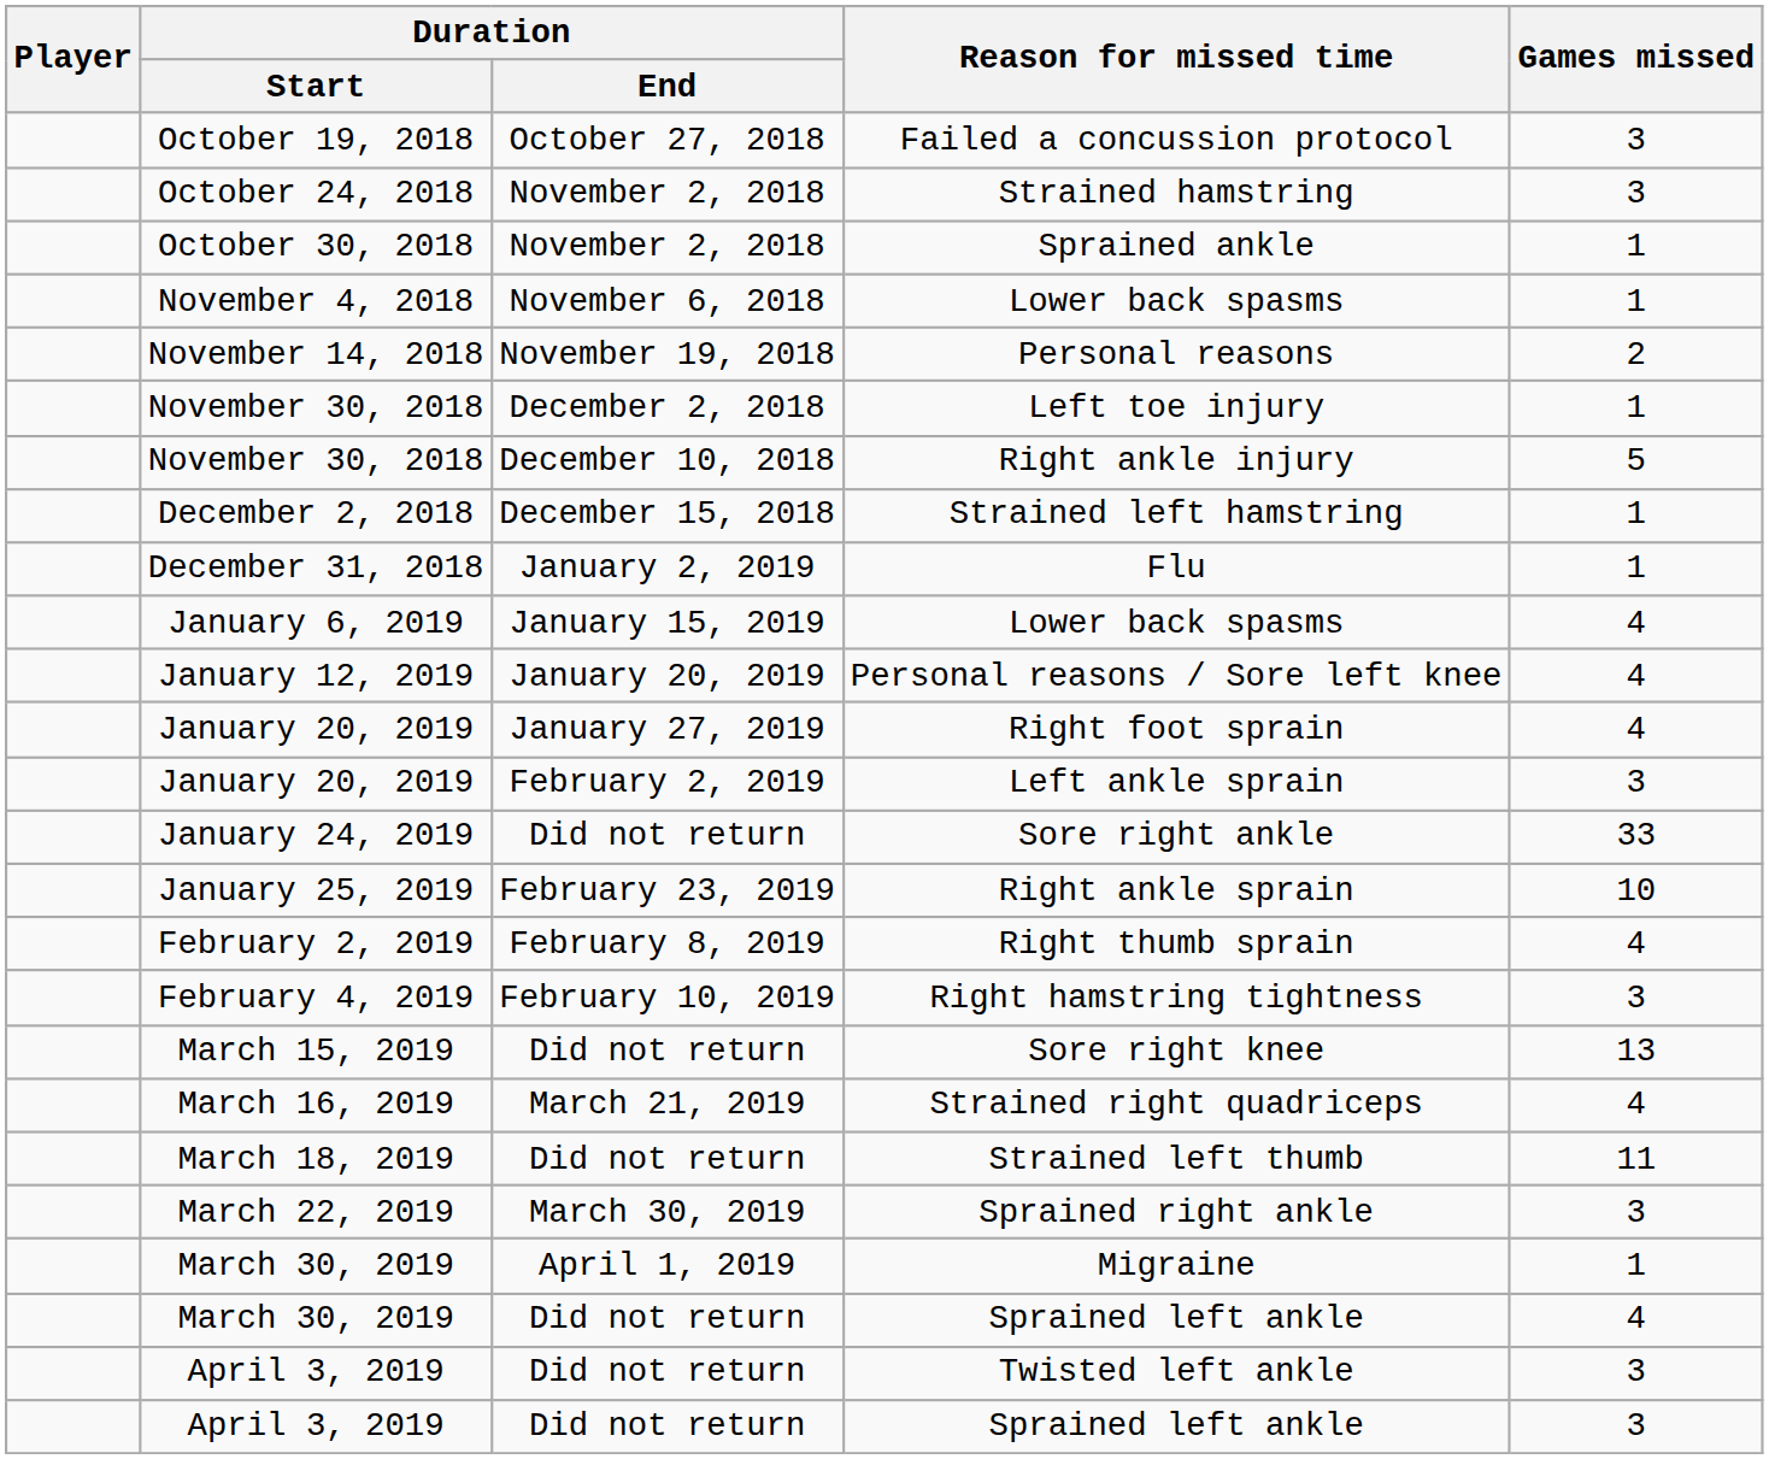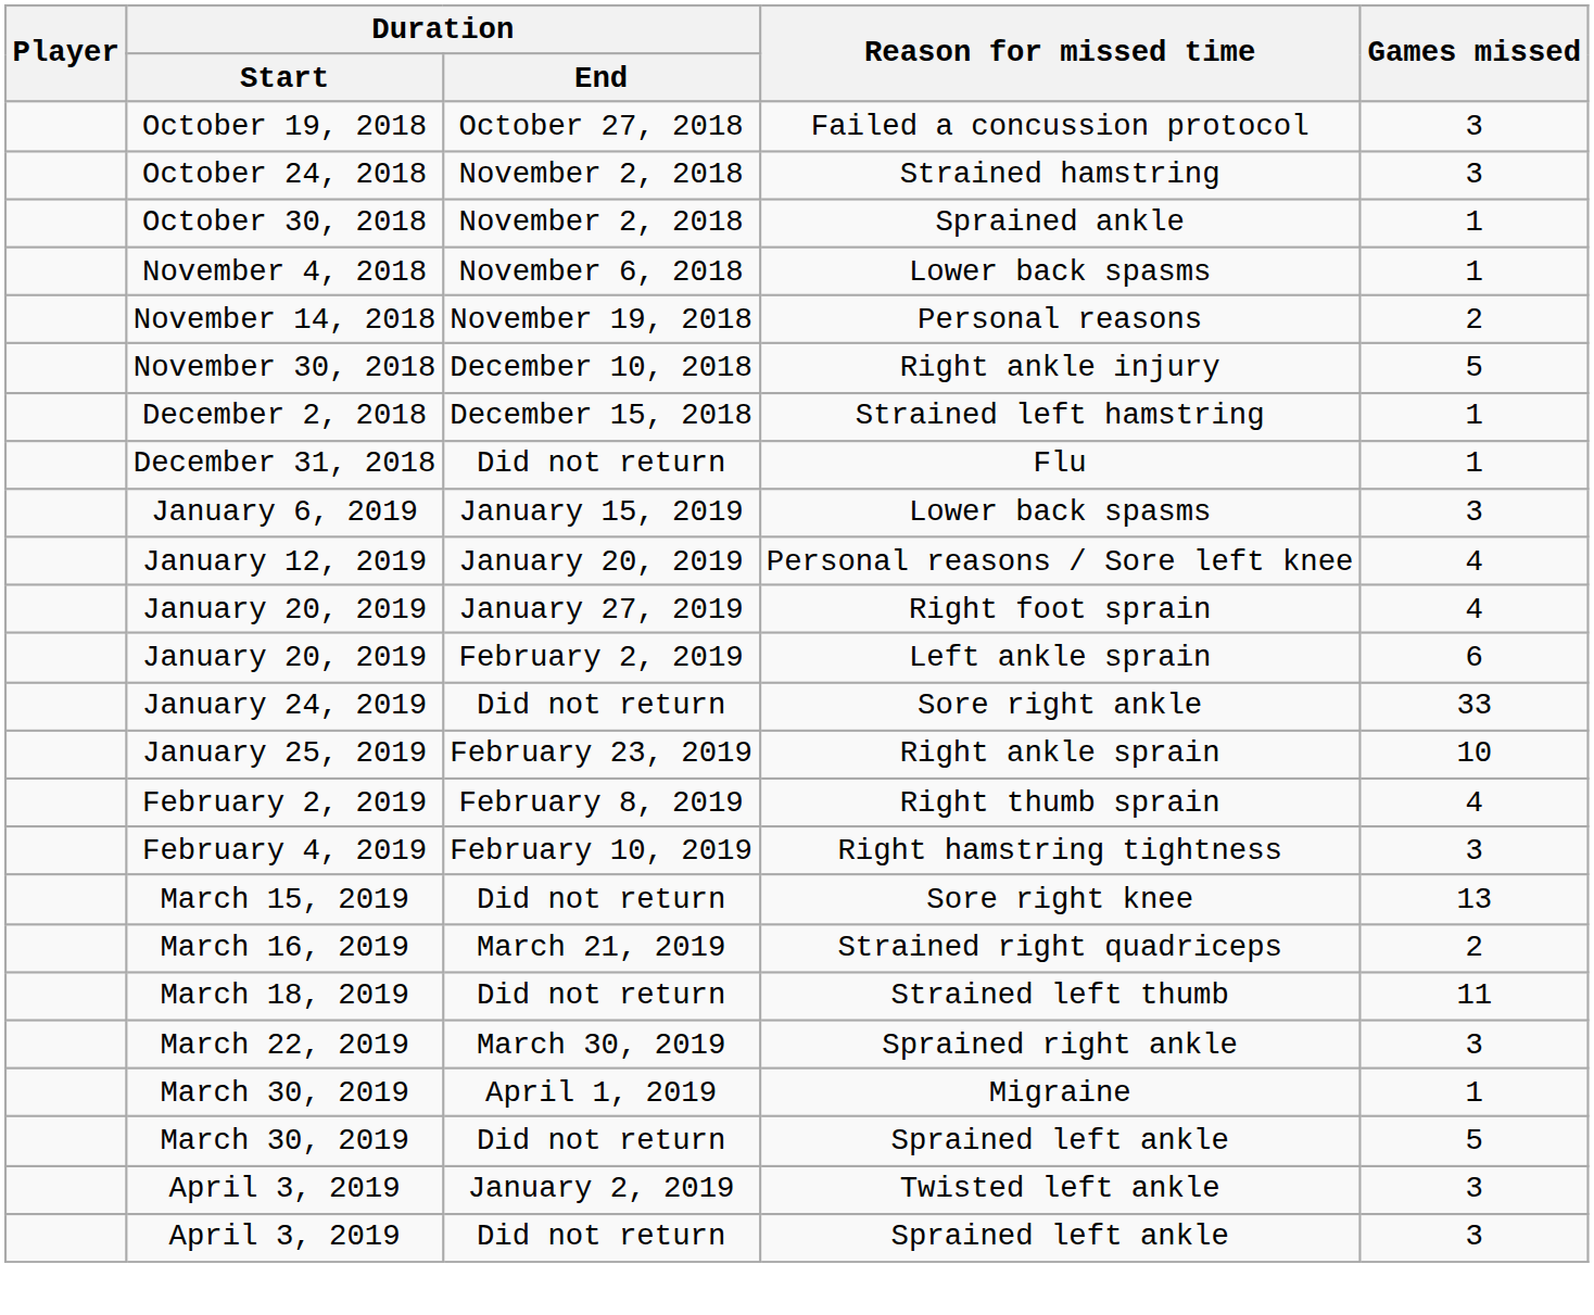 <table class="wikitable sortable collapsible" style="text-align:center;">
 <tr>
 <th rowspan="2">Player</th>
 <th colspan="2">Duration</th>
 <th rowspan="2">Reason for missed time</th>
 <th rowspan="2">Games missed</th>
 </tr>
 <tr>
 <th>Start</th>
 <th>End</th>
 </tr>
 <tr>
 <td></td>
 <td>October 19, 2018</td>
 <td>October 27, 2018</td>
 <td>Failed a concussion protocol</td>
 <td>3</td>
 </tr>
 <tr>
 <td></td>
 <td>October 24, 2018</td>
 <td>November 2, 2018</td>
 <td>Strained hamstring</td>
 <td>3</td>
 </tr>
 <tr>
 <td></td>
 <td>October 30, 2018</td>
 <td>November 2, 2018</td>
 <td>Sprained ankle</td>
 <td>1</td>
 </tr>
 <tr>
 <td></td>
 <td>November 4, 2018</td>
 <td>November 6, 2018</td>
 <td>Lower back spasms</td>
 <td>1</td>
 </tr>
 <tr>
 <td></td>
 <td>November 14, 2018</td>
 <td>November 19, 2018</td>
 <td>Personal reasons</td>
 <td>2</td>
 </tr>
 <tr>
 <td></td>
 <td>November 30, 2018</td>
-<td>December 2, 2018</td>
-<td>Left toe injury</td>
-<td>1</td>
-</tr>
-<tr>
-<td></td>
-<td>November 30, 2018</td>
 <td>December 10, 2018</td>
 <td>Right ankle injury</td>
 <td>5</td>
 </tr>
 <tr>
 <td></td>
 <td>December 2, 2018</td>
 <td>December 15, 2018</td>
 <td>Strained left hamstring</td>
 <td>1</td>
 </tr>
 <tr>
 <td></td>
 <td>December 31, 2018</td>
-<td>January 2, 2019</td>
+<td>Did not return</td>
 <td>Flu</td>
 <td>1</td>
 </tr>
 <tr>
 <td></td>
 <td>January 6, 2019</td>
 <td>January 15, 2019</td>
 <td>Lower back spasms</td>
-<td>4</td>
+<td>3</td>
 </tr>
 <tr>
 <td></td>
 <td>January 12, 2019</td>
 <td>January 20, 2019</td>
 <td>Personal reasons / Sore left knee</td>
 <td>4</td>
 </tr>
 <tr>
 <td></td>
 <td>January 20, 2019</td>
 <td>January 27, 2019</td>
 <td>Right foot sprain</td>
 <td>4</td>
 </tr>
 <tr>
 <td></td>
 <td>January 20, 2019</td>
 <td>February 2, 2019</td>
 <td>Left ankle sprain</td>
-<td>3</td>
+<td>6</td>
 </tr>
 <tr>
 <td></td>
 <td>January 24, 2019</td>
 <td>Did not return</td>
 <td>Sore right ankle</td>
 <td>33</td>
 </tr>
 <tr>
 <td></td>
 <td>January 25, 2019</td>
 <td>February 23, 2019</td>
 <td>Right ankle sprain</td>
 <td>10</td>
 </tr>
 <tr>
 <td></td>
 <td>February 2, 2019</td>
 <td>February 8, 2019</td>
 <td>Right thumb sprain</td>
 <td>4</td>
 </tr>
 <tr>
 <td></td>
 <td>February 4, 2019</td>
 <td>February 10, 2019</td>
 <td>Right hamstring tightness</td>
 <td>3</td>
 </tr>
 <tr>
 <td></td>
 <td>March 15, 2019</td>
 <td>Did not return</td>
 <td>Sore right knee</td>
 <td>13</td>
 </tr>
 <tr>
 <td></td>
 <td>March 16, 2019</td>
 <td>March 21, 2019</td>
 <td>Strained right quadriceps</td>
-<td>4</td>
+<td>2</td>
 </tr>
 <tr>
 <td></td>
 <td>March 18, 2019</td>
 <td>Did not return</td>
 <td>Strained left thumb</td>
 <td>11</td>
 </tr>
 <tr>
 <td></td>
 <td>March 22, 2019</td>
 <td>March 30, 2019</td>
 <td>Sprained right ankle</td>
 <td>3</td>
 </tr>
 <tr>
 <td></td>
 <td>March 30, 2019</td>
 <td>April 1, 2019</td>
 <td>Migraine</td>
 <td>1</td>
 </tr>
 <tr>
 <td></td>
 <td>March 30, 2019</td>
 <td>Did not return</td>
 <td>Sprained left ankle</td>
-<td>4</td>
+<td>5</td>
 </tr>
 <tr>
 <td></td>
 <td>April 3, 2019</td>
-<td>Did not return</td>
+<td>January 2, 2019</td>
 <td>Twisted left ankle</td>
 <td>3</td>
 </tr>
 <tr>
 <td></td>
 <td>April 3, 2019</td>
 <td>Did not return</td>
 <td>Sprained left ankle</td>
 <td>3</td>
 </tr>
 </table>
